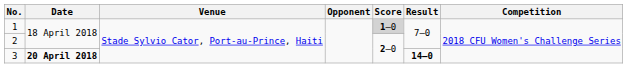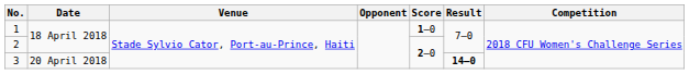 <table class="wikitable">
 <tr>
 <th>No.</th>
 <th>Date</th>
 <th>Venue</th>
 <th>Opponent</th>
 <th>Score</th>
 <th>Result</th>
 <th>Competition</th>
 </tr>
 <tr>
 <td style="text-align:center;">1</td>
 <td rowspan=2>18 April 2018</td>
 <td rowspan=3><a href='#'>Stade Sylvio Cator</a>, <a href='#'>Port-au-Prince</a>, <a href='#'>Haiti</a></td>
 <td rowspan=3></td>
-<td style="background: lightgrey; text-align:center;"><strong>1</strong>–0</td>
+<td style="text-align:center;"><strong>1</strong>–0</td>
 <td rowspan=2 style="text-align:center;">7–0</td>
 <td rowspan=3><a href='#'>2018 CFU Women's Challenge Series</a></td>
 </tr>
 <tr style="text-align:center;">
 <td>2</td>
 <td rowspan=2><strong>2</strong>–0</td>
 </tr>
 <tr>
 <td style="text-align:center;">3</td>
-<td><strong>20 April 2018</strong></td>
+<td>20 April 2018</td>
 <td style="text-align:center;"><strong>14–0</strong></td>
 </tr>
 </table>
